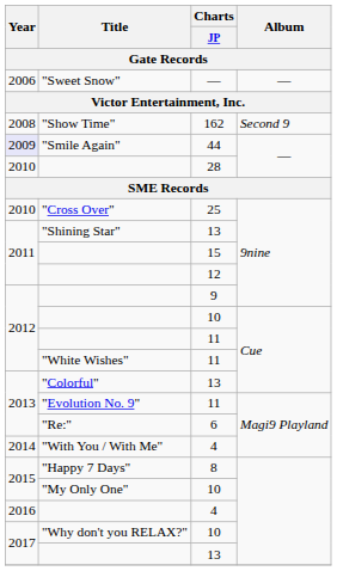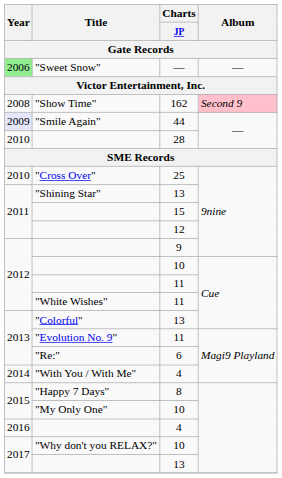 <table class="wikitable">
 <tr>
 <th rowspan="2">Year</th>
 <th rowspan="2">Title</th>
 <th>Charts</th>
 <th rowspan="2">Album</th>
 </tr>
 <tr>
 <th><small><a href='#'>JP</a><br></small></th>
 </tr>
 <tr>
 <th colspan="5">Gate Records</th>
 </tr>
 <tr>
-<td>2006</td>
+<td style="background: lightgreen;">2006</td>
 <td>"Sweet Snow"</td>
 <td style="text-align: center;">—</td>
 <td style="text-align: center;">—</td>
 </tr>
 <tr>
 <th colspan="5">Victor Entertainment, Inc.</th>
 </tr>
 <tr>
 <td>2008</td>
 <td>"Show Time"</td>
 <td style="text-align: center;">162</td>
-<td><em>Second 9</em></td>
+<td style="background: pink;"><em>Second 9</em></td>
 </tr>
 <tr>
 <td style="background: lavender;">2009</td>
 <td>"Smile Again"</td>
 <td style="text-align: center;">44</td>
 <td rowspan="2" style="text-align: center;">—</td>
 </tr>
 <tr>
 <td>2010</td>
 <td></td>
 <td style="text-align: center;">28</td>
 </tr>
 <tr>
 <th colspan="5">SME Records</th>
 </tr>
 <tr>
 <td>2010</td>
 <td>"<a href='#'>Cross Over</a>"</td>
 <td style="text-align: center;">25</td>
 <td rowspan="5"><em>9nine</em></td>
 </tr>
 <tr>
 <td rowspan="3">2011</td>
 <td>"Shining Star"</td>
 <td style="text-align: center;">13</td>
 </tr>
 <tr>
 <td></td>
 <td style="text-align: center;">15</td>
 </tr>
 <tr>
 <td></td>
 <td style="text-align: center;">12</td>
 </tr>
 <tr>
 <td rowspan="4">2012</td>
 <td></td>
 <td style="text-align: center;">9</td>
 </tr>
 <tr>
 <td></td>
 <td style="text-align: center;">10</td>
 <td rowspan="4"><em>Cue</em></td>
 </tr>
 <tr>
 <td></td>
 <td style="text-align: center;">11</td>
 </tr>
 <tr>
 <td>"White Wishes"</td>
 <td style="text-align: center;">11</td>
 </tr>
 <tr>
 <td rowspan="3">2013</td>
 <td>"<a href='#'>Colorful</a>"</td>
 <td style="text-align: center;">13</td>
 </tr>
 <tr>
 <td>"<a href='#'>Evolution No. 9</a>"</td>
 <td style="text-align: center;">11</td>
 <td rowspan="3"><em>Magi9 Playland</em></td>
 </tr>
 <tr>
 <td>"Re:"</td>
 <td style="text-align: center;">6</td>
 </tr>
 <tr>
 <td>2014</td>
 <td>"With You / With Me"</td>
 <td style="text-align: center;">4</td>
 </tr>
 <tr>
 <td rowspan="2">2015</td>
 <td>"Happy 7 Days"</td>
 <td style="text-align: center;">8</td>
 <td rowspan="5"></td>
 </tr>
 <tr>
 <td>"My Only One"</td>
 <td style="text-align: center;">10</td>
 </tr>
 <tr>
 <td>2016</td>
 <td></td>
 <td style="text-align: center;">4</td>
 </tr>
 <tr>
 <td rowspan="2">2017</td>
 <td>"Why don't you RELAX?"</td>
 <td style="text-align: center;">10</td>
 </tr>
 <tr>
 <td></td>
 <td style="text-align: center;">13</td>
 </tr>
 <tr>
 </tr>
 </table>
